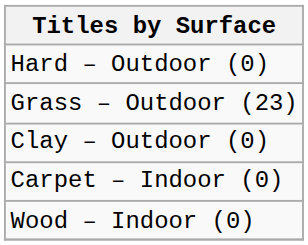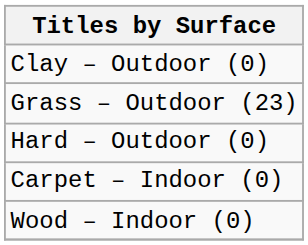 <table class="wikitable" style="display:inline-table;">
 <tr>
 <th>Titles by Surface</th>
 </tr>
 <tr>
-<td>Hard – Outdoor (0)</td>
+<td>Clay – Outdoor (0)</td>
 </tr>
 <tr>
 <td>Grass – Outdoor (23)</td>
 </tr>
 <tr>
-<td>Clay – Outdoor (0)</td>
+<td>Hard – Outdoor (0)</td>
 </tr>
 <tr>
 <td>Carpet – Indoor (0)</td>
 </tr>
 <tr>
 <td>Wood – Indoor (0)</td>
 </tr>
 <tr>
 </tr>
 </table>
